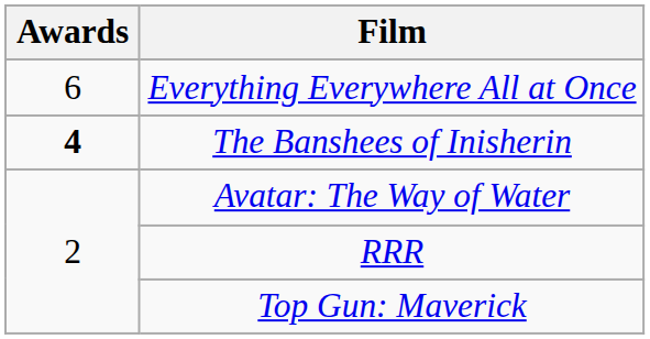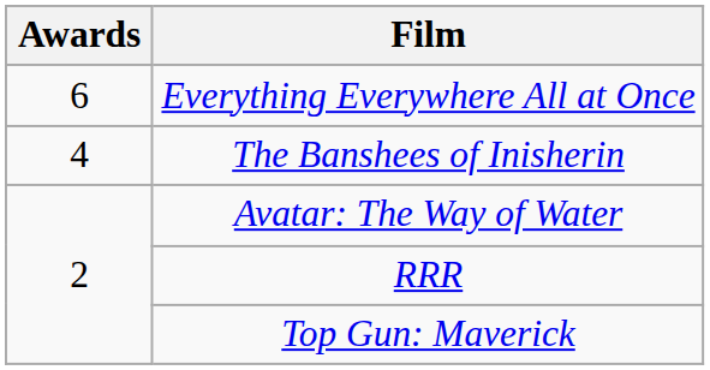 <table class="wikitable plainrowheaders" style="text-align:center;">
 <tr>
 <th scope="col" style="width: 55px;">Awards</th>
 <th scope="col" style="text-align:center;">Film</th>
 </tr>
 <tr>
 <td scope=row style="text-align:center">6</td>
 <td><em><a href='#'>Everything Everywhere All at Once</a></em></td>
 </tr>
 <tr>
-<td scope=row style="text-align:center"><strong>4</strong></td>
+<td scope=row style="text-align:center">4</td>
 <td><em><a href='#'>The Banshees of Inisherin</a></em></td>
 </tr>
 <tr>
 <td scope=row style="text-align:center" rowspan="3">2</td>
 <td><em><a href='#'>Avatar: The Way of Water</a></em></td>
 </tr>
 <tr>
 <td><em><a href='#'>RRR</a></em></td>
 </tr>
 <tr>
 <td><em><a href='#'>Top Gun: Maverick</a></em></td>
 </tr>
 </table>
